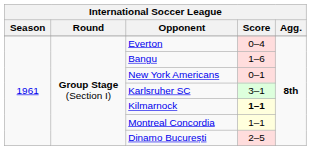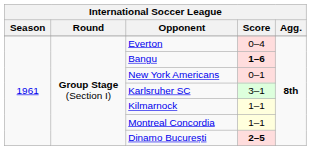 <table class="wikitable">
 <tr>
 <th colspan="5" width="480">International Soccer League</th>
 </tr>
 <tr>
 <th>Season</th>
 <th>Round</th>
 <th>Opponent</th>
 <th>Score</th>
 <th>Agg.</th>
 </tr>
 <tr>
 </tr>
 <tr>
 <td rowspan="7" style="text-align:center;"><a href='#'>1961</a></td>
 <td rowspan="7" style="text-align:center;"><strong>Group Stage</strong><br>(Section I)</td>
 <td> <a href='#'>Everton</a></td>
 <td style="text-align:center; background:#fdd;">0–4</td>
 <td rowspan="7" style="text-align:center;"><strong>8th</strong></td>
 </tr>
 <tr>
 <td> <a href='#'>Bangu</a></td>
-<td style="text-align:center; background:#fdd;">1–6</td>
+<td style="text-align:center; background:#fdd;"><strong>1–6</strong></td>
 </tr>
 <tr>
 <td> <a href='#'>New York Americans</a></td>
 <td style="text-align:center; background:#fdd;">0–1</td>
 </tr>
 <tr>
 <td> <a href='#'>Karlsruher SC</a></td>
 <td style="text-align:center; background:#dfd;">3–1</td>
 </tr>
 <tr>
 <td> <a href='#'>Kilmarnock</a></td>
-<td style="text-align:center; background:#ffd;"><strong>1–1</strong></td>
+<td style="text-align:center; background:#ffd;">1–1</td>
 </tr>
 <tr>
 <td> <a href='#'>Montreal Concordia</a></td>
 <td style="text-align:center; background:#ffd;">1–1</td>
 </tr>
 <tr>
 <td> <a href='#'>Dinamo București</a></td>
-<td style="text-align:center; background:#fdd;">2–5</td>
+<td style="text-align:center; background:#fdd;"><strong>2–5</strong></td>
 </tr>
 </table>
